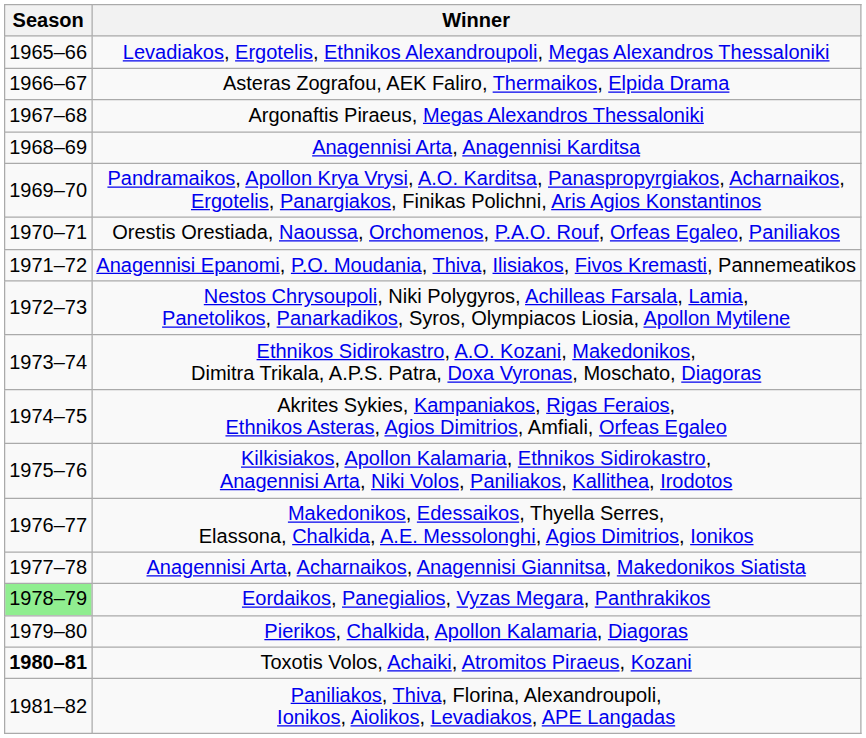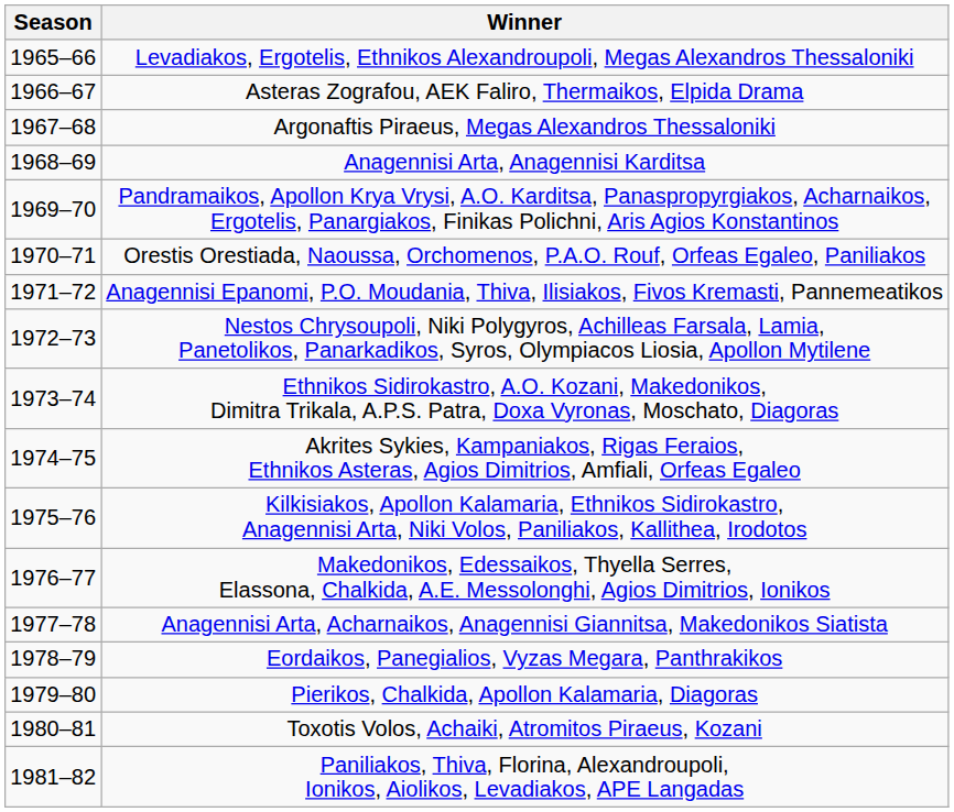 <table class="wikitable" style="text-align:center;">
 <tr>
 <th>Season</th>
 <th>Winner</th>
 </tr>
 <tr>
 <td style="text-align:center;">1965–66</td>
 <td><a href='#'>Levadiakos</a>, <a href='#'>Ergotelis</a>, <a href='#'>Ethnikos Alexandroupoli</a>, <a href='#'>Megas Alexandros Thessaloniki</a></td>
 </tr>
 <tr>
 <td style="text-align:center;">1966–67</td>
 <td>Asteras Zografou, AEK Faliro, <a href='#'>Thermaikos</a>, <a href='#'>Elpida Drama</a></td>
 </tr>
 <tr>
 <td style="text-align:center;">1967–68</td>
 <td>Argonaftis Piraeus, <a href='#'>Megas Alexandros Thessaloniki</a></td>
 </tr>
 <tr>
 <td style="text-align:center;">1968–69</td>
 <td><a href='#'>Anagennisi Arta</a>, <a href='#'>Anagennisi Karditsa</a></td>
 </tr>
 <tr>
 <td style="text-align:center;">1969–70</td>
 <td><a href='#'>Pandramaikos</a>, <a href='#'>Apollon Krya Vrysi</a>, <a href='#'>A.O. Karditsa</a>, <a href='#'>Panaspropyrgiakos</a>, <a href='#'>Acharnaikos</a>,<br><a href='#'>Ergotelis</a>, <a href='#'>Panargiakos</a>, Finikas Polichni, <a href='#'>Aris Agios Konstantinos</a></td>
 </tr>
 <tr>
 <td style="text-align:center;">1970–71</td>
 <td>Orestis Orestiada, <a href='#'>Naoussa</a>, <a href='#'>Orchomenos</a>, <a href='#'>P.A.O. Rouf</a>, <a href='#'>Orfeas Egaleo</a>, <a href='#'>Paniliakos</a></td>
 </tr>
 <tr>
 <td style="text-align:center;">1971–72</td>
 <td><a href='#'>Anagennisi Epanomi</a>, <a href='#'>P.O. Moudania</a>, <a href='#'>Thiva</a>, <a href='#'>Ilisiakos</a>, <a href='#'>Fivos Kremasti</a>, Pannemeatikos</td>
 </tr>
 <tr>
 <td style="text-align:center;">1972–73</td>
 <td><a href='#'>Nestos Chrysoupoli</a>, Niki Polygyros, <a href='#'>Achilleas Farsala</a>, <a href='#'>Lamia</a>, <br> <a href='#'>Panetolikos</a>, <a href='#'>Panarkadikos</a>, Syros, Olympiacos Liosia, <a href='#'>Apollon Mytilene</a></td>
 </tr>
 <tr>
 <td style="text-align:center;">1973–74</td>
 <td><a href='#'>Ethnikos Sidirokastro</a>, <a href='#'>A.O. Kozani</a>, <a href='#'>Makedonikos</a>,<br>Dimitra Trikala, A.P.S. Patra, <a href='#'>Doxa Vyronas</a>, Moschato, <a href='#'>Diagoras</a></td>
 </tr>
 <tr>
 <td style="text-align:center;">1974–75</td>
 <td>Akrites Sykies, <a href='#'>Kampaniakos</a>, <a href='#'>Rigas Feraios</a>, <br><a href='#'>Ethnikos Asteras</a>, <a href='#'>Agios Dimitrios</a>, Amfiali, <a href='#'>Orfeas Egaleo</a></td>
 </tr>
 <tr>
 <td style="text-align:center;">1975–76</td>
 <td><a href='#'>Kilkisiakos</a>, <a href='#'>Apollon Kalamaria</a>, <a href='#'>Ethnikos Sidirokastro</a>, <br><a href='#'>Anagennisi Arta</a>, <a href='#'>Niki Volos</a>, <a href='#'>Paniliakos</a>, <a href='#'>Kallithea</a>, <a href='#'>Irodotos</a></td>
 </tr>
 <tr>
 <td style="text-align:center;">1976–77</td>
 <td><a href='#'>Makedonikos</a>, <a href='#'>Edessaikos</a>, Thyella Serres, <br> Elassona, <a href='#'>Chalkida</a>, <a href='#'>A.E. Messolonghi</a>, <a href='#'>Agios Dimitrios</a>, <a href='#'>Ionikos</a></td>
 </tr>
 <tr>
 <td style="text-align:center;">1977–78</td>
 <td><a href='#'>Anagennisi Arta</a>, <a href='#'>Acharnaikos</a>, <a href='#'>Anagennisi Giannitsa</a>, <a href='#'>Makedonikos Siatista</a></td>
 </tr>
 <tr>
-<td style="background: lightgreen; text-align:center;">1978–79</td>
+<td style="text-align:center;">1978–79</td>
 <td><a href='#'>Eordaikos</a>, <a href='#'>Panegialios</a>, <a href='#'>Vyzas Megara</a>, <a href='#'>Panthrakikos</a></td>
 </tr>
 <tr>
 <td style="text-align:center;">1979–80</td>
 <td><a href='#'>Pierikos</a>, <a href='#'>Chalkida</a>, <a href='#'>Apollon Kalamaria</a>, <a href='#'>Diagoras</a></td>
 </tr>
 <tr>
-<td style="text-align:center;"><strong>1980–81</strong></td>
+<td style="text-align:center;">1980–81</td>
 <td>Toxotis Volos, <a href='#'>Achaiki</a>, <a href='#'>Atromitos Piraeus</a>, <a href='#'>Kozani</a></td>
 </tr>
 <tr>
 <td style="text-align:center;">1981–82</td>
 <td><a href='#'>Paniliakos</a>, <a href='#'>Thiva</a>, Florina, Alexandroupoli,<br> <a href='#'>Ionikos</a>, <a href='#'>Aiolikos</a>, <a href='#'>Levadiakos</a>, <a href='#'>APE Langadas</a></td>
 </tr>
 </table>
